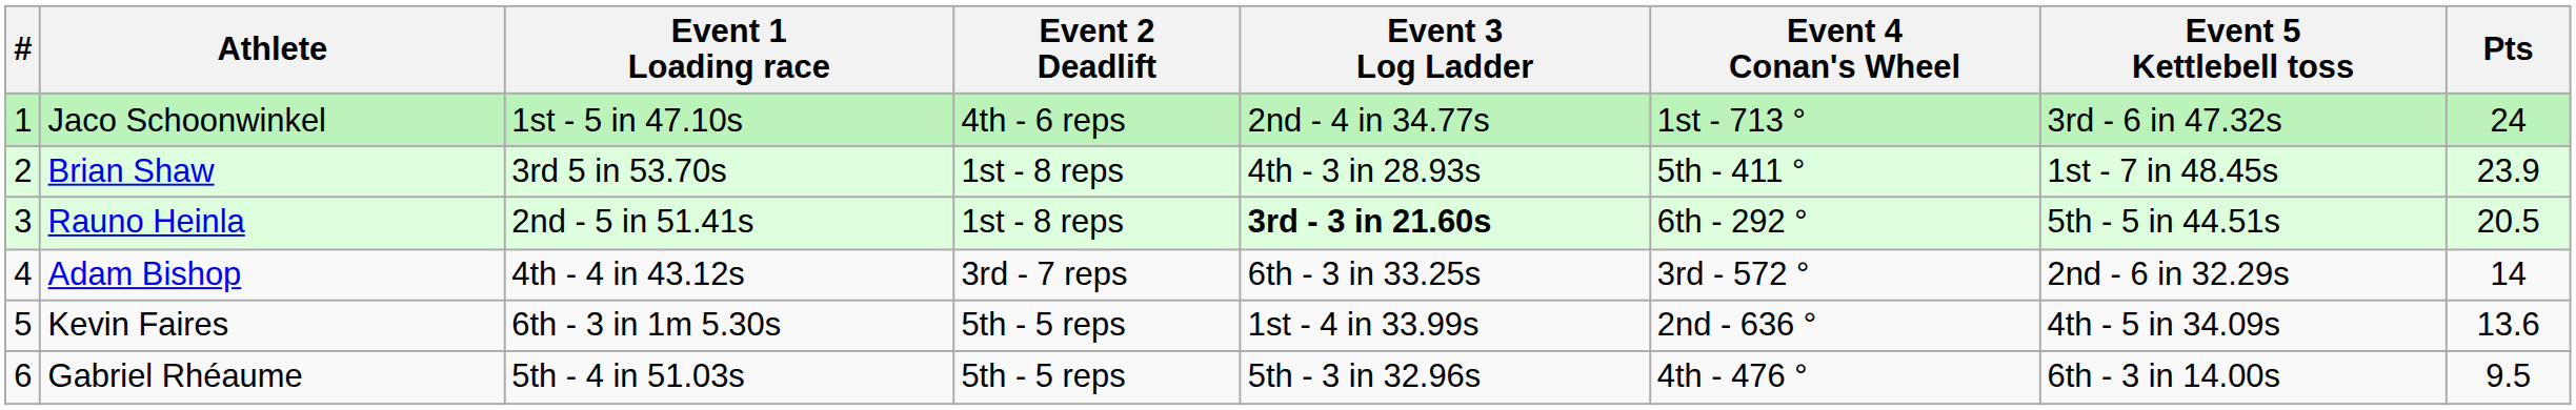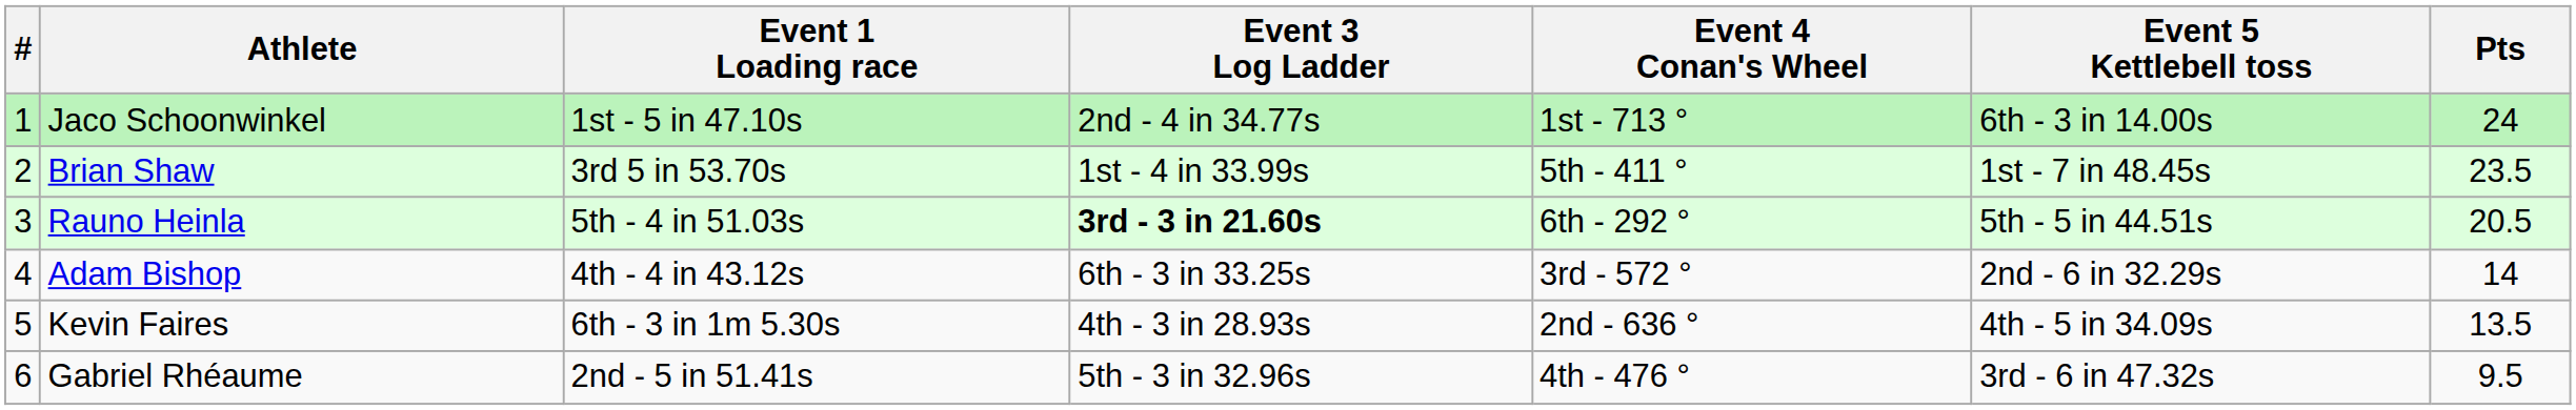 <table class="wikitable sortable" style="display: inline-table;width: 100%;">
 <tr>
 <th scope="col" style="width: 10px;">#</th>
 <th scope="col">Athlete</th>
 <th scope="col">Event 1<br>Loading race</th>
-<th scope="col">Event 2<br>Deadlift</th>
 <th scope="col">Event 3<br>Log Ladder</th>
 <th scope="col">Event 4<br>Conan's Wheel</th>
 <th scope="col">Event 5<br>Kettlebell toss</th>
 <th scope="col">Pts</th>
 </tr>
 <tr bgcolor=bbf3bb>
 <td align=center>1</td>
 <td> Jaco Schoonwinkel</td>
 <td>1st - 5 in 47.10s</td>
-<td>4th - 6 reps</td>
 <td>2nd - 4 in 34.77s</td>
 <td>1st - 713 °</td>
-<td>3rd - 6 in 47.32s</td>
+<td>6th - 3 in 14.00s</td>
 <td align=center>24</td>
 </tr>
 <tr bgcolor=ddffdd>
 <td align=center>2</td>
 <td> <a href='#'>Brian Shaw</a></td>
 <td>3rd 5 in 53.70s</td>
-<td>1st - 8 reps</td>
-<td>4th - 3 in 28.93s</td>
+<td>1st - 4 in 33.99s</td>
 <td>5th - 411 °</td>
 <td>1st - 7 in 48.45s</td>
-<td align=center>23.9</td>
+<td align=center>23.5</td>
 </tr>
 <tr bgcolor=ddffdd>
 <td align=center>3</td>
 <td> <a href='#'>Rauno Heinla</a></td>
-<td>2nd - 5 in 51.41s</td>
-<td>1st - 8 reps</td>
+<td>5th - 4 in 51.03s</td>
 <td><strong>3rd - 3 in 21.60s</strong></td>
 <td>6th - 292 °</td>
 <td>5th - 5 in 44.51s</td>
 <td align=center>20.5</td>
 </tr>
 <tr>
 <td align=center>4</td>
 <td> <a href='#'>Adam Bishop</a></td>
 <td>4th - 4 in 43.12s</td>
-<td>3rd - 7 reps</td>
 <td>6th - 3 in 33.25s</td>
 <td>3rd - 572 °</td>
 <td>2nd - 6 in 32.29s</td>
 <td align=center>14</td>
 </tr>
 <tr>
 <td align=center>5</td>
 <td> Kevin Faires</td>
 <td>6th - 3 in 1m 5.30s</td>
-<td>5th - 5 reps</td>
-<td>1st - 4 in 33.99s</td>
+<td>4th - 3 in 28.93s</td>
 <td>2nd - 636 °</td>
 <td>4th - 5 in 34.09s</td>
-<td align=center>13.6</td>
+<td align=center>13.5</td>
 </tr>
 <tr>
 <td align=center>6</td>
 <td> Gabriel Rhéaume</td>
-<td>5th - 4 in 51.03s</td>
-<td>5th - 5 reps</td>
+<td>2nd - 5 in 51.41s</td>
 <td>5th - 3 in 32.96s</td>
 <td>4th - 476 °</td>
-<td>6th - 3 in 14.00s</td>
+<td>3rd - 6 in 47.32s</td>
 <td align=center>9.5</td>
 </tr>
 </table>
